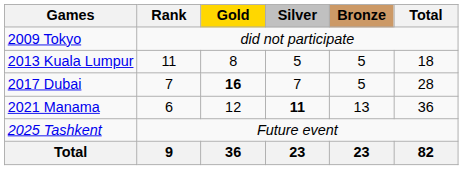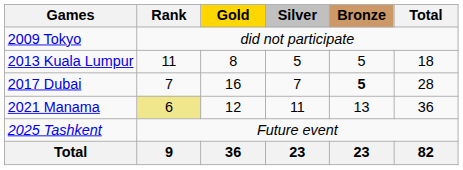 <table class="wikitable sortable" style="margin-top:0em; text-align:center; font-size:100%;">
 <tr>
 <th>Games</th>
 <th style="width:4em;">Rank</th>
 <th style="background:gold; width:4em;">Gold</th>
 <th style="background:silver; width:4em;">Silver</th>
 <th style="background:#cc9966; width:4em;">Bronze</th>
 <th style="width:4em;">Total</th>
 </tr>
 <tr>
 <td align=left> <a href='#'>2009 Tokyo</a></td>
 <td colspan=5><em>did not participate</em></td>
 </tr>
 <tr>
 <td align=left> <a href='#'>2013 Kuala Lumpur</a></td>
 <td>11</td>
 <td>8</td>
 <td>5</td>
 <td>5</td>
 <td>18</td>
 </tr>
 <tr>
 <td align=left> <a href='#'>2017 Dubai</a></td>
 <td>7</td>
-<td><strong>16</strong></td>
+<td>16</td>
 <td>7</td>
-<td>5</td>
+<td><strong>5</strong></td>
 <td>28</td>
 </tr>
 <tr>
 <td align=left> <a href='#'>2021 Manama</a></td>
-<td>6</td>
+<td style="background: khaki;">6</td>
 <td>12</td>
-<td><strong>11</strong></td>
+<td>11</td>
 <td>13</td>
 <td>36</td>
 </tr>
 <tr>
 <td align=left> <a href='#'><em>2025 Tashkent</em></a></td>
 <td colspan=5><em>Future event</em></td>
 </tr>
 <tr>
 <th>Total</th>
 <th>9</th>
 <th>36</th>
 <th>23</th>
 <th>23</th>
 <th>82</th>
 </tr>
 </table>
